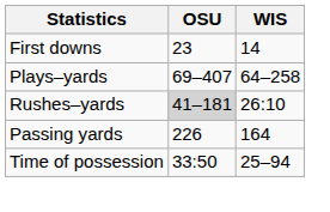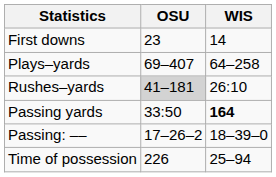 <table class="wikitable" style="float:left">
 <tr>
 <th>Statistics</th>
 <th>OSU</th>
 <th>WIS</th>
 </tr>
 <tr>
 <td>First downs</td>
 <td>23</td>
 <td>14</td>
 </tr>
 <tr>
 <td>Plays–yards</td>
 <td>69–407</td>
 <td>64–258</td>
 </tr>
 <tr>
 <td>Rushes–yards</td>
 <td style="background: lightgrey;">41–181</td>
 <td>26:10</td>
 </tr>
 <tr>
 <td>Passing yards</td>
-<td>226</td>
-<td>164</td>
+<td>33:50</td>
+<td><strong>164</strong></td>
+</tr>
+<tr>
+<td>Passing: ––</td>
+<td>17–26–2</td>
+<td>18–39–0</td>
 </tr>
 <tr>
 <td>Time of possession</td>
-<td>33:50</td>
+<td>226</td>
 <td>25–94</td>
 </tr>
 </table>
